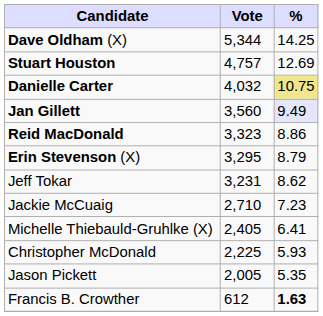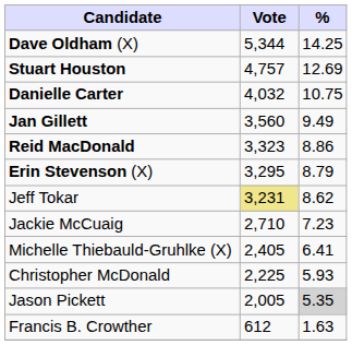 <table class="wikitable">
 <tr>
 <th style="background:#ddf; width:225px;">Candidate</th>
 <th style="background:#ddf; width:50px;">Vote</th>
 <th style="background:#ddf; width:30px;">%</th>
 </tr>
 <tr>
 <td><strong>Dave Oldham</strong> (X)</td>
 <td>5,344</td>
 <td>14.25</td>
 </tr>
 <tr>
 <td><strong>Stuart Houston</strong></td>
 <td>4,757</td>
 <td>12.69</td>
 </tr>
 <tr>
 <td><strong>Danielle Carter</strong></td>
 <td>4,032</td>
-<td style="background: khaki;">10.75</td>
+<td>10.75</td>
 </tr>
 <tr>
 <td><strong>Jan Gillett</strong></td>
 <td>3,560</td>
-<td style="background: lavender;">9.49</td>
+<td>9.49</td>
 </tr>
 <tr>
 <td><strong>Reid MacDonald</strong></td>
 <td>3,323</td>
 <td>8.86</td>
 </tr>
 <tr>
 <td><strong>Erin Stevenson</strong> (X)</td>
 <td>3,295</td>
 <td>8.79</td>
 </tr>
 <tr>
 <td>Jeff Tokar</td>
-<td>3,231</td>
+<td style="background: khaki;">3,231</td>
 <td>8.62</td>
 </tr>
 <tr>
 <td>Jackie McCuaig</td>
 <td>2,710</td>
 <td>7.23</td>
 </tr>
 <tr>
 <td>Michelle Thiebauld-Gruhlke (X)</td>
 <td>2,405</td>
 <td>6.41</td>
 </tr>
 <tr>
 <td>Christopher McDonald</td>
 <td>2,225</td>
 <td>5.93</td>
 </tr>
 <tr>
 <td>Jason Pickett</td>
 <td>2,005</td>
-<td>5.35</td>
+<td style="background: lightgrey;">5.35</td>
 </tr>
 <tr>
 <td>Francis B. Crowther</td>
 <td>612</td>
-<td><strong>1.63</strong></td>
+<td>1.63</td>
 </tr>
 <tr>
 </tr>
 </table>
